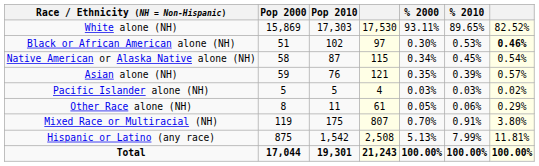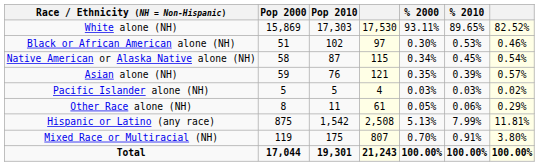 <table class="wikitable" style="text-align:center;">
 <tr>
 <th>Race / Ethnicity <small>(<em>NH = Non-Hispanic</em>)</small></th>
 <th>Pop 2000</th>
 <th>Pop 2010</th>
 <th></th>
 <th>% 2000</th>
 <th>% 2010</th>
 <th></th>
 </tr>
 <tr>
 <td><a href='#'>White</a> alone (NH)</td>
 <td>15,869</td>
 <td>17,303</td>
 <td style='background: #ffffe6;'>17,530</td>
 <td>93.11%</td>
 <td>89.65%</td>
 <td style='background: #ffffe6;'>82.52%</td>
 </tr>
 <tr>
 <td><a href='#'>Black or African American</a> alone (NH)</td>
 <td>51</td>
 <td>102</td>
 <td style='background: #ffffe6;'>97</td>
 <td>0.30%</td>
 <td>0.53%</td>
-<td style='background: #ffffe6;'><strong>0.46%</strong></td>
+<td style='background: #ffffe6;'>0.46%</td>
 </tr>
 <tr>
 <td><a href='#'>Native American</a> or <a href='#'>Alaska Native</a> alone (NH)</td>
 <td>58</td>
 <td>87</td>
 <td style='background: #ffffe6;'>115</td>
 <td>0.34%</td>
 <td>0.45%</td>
 <td style='background: #ffffe6;'>0.54%</td>
 </tr>
 <tr>
 <td><a href='#'>Asian</a> alone (NH)</td>
 <td>59</td>
 <td>76</td>
 <td style='background: #ffffe6;'>121</td>
 <td>0.35%</td>
 <td>0.39%</td>
 <td style='background: #ffffe6;'>0.57%</td>
 </tr>
 <tr>
 <td><a href='#'>Pacific Islander</a> alone (NH)</td>
 <td>5</td>
 <td>5</td>
 <td style='background: #ffffe6;'>4</td>
 <td>0.03%</td>
 <td>0.03%</td>
 <td style='background: #ffffe6;'>0.02%</td>
 </tr>
 <tr>
 <td><a href='#'>Other Race</a> alone (NH)</td>
 <td>8</td>
 <td>11</td>
 <td style='background: #ffffe6;'>61</td>
 <td>0.05%</td>
 <td>0.06%</td>
 <td style='background: #ffffe6;'>0.29%</td>
 </tr>
 <tr>
+<td><a href='#'>Hispanic or Latino</a> (any race)</td>
+<td>875</td>
+<td>1,542</td>
+<td style='background: #ffffe6;'>2,508</td>
+<td>5.13%</td>
+<td>7.99%</td>
+<td style='background: #ffffe6;'>11.81%</td>
+</tr>
+<tr>
 <td><a href='#'>Mixed Race or Multiracial</a> (NH)</td>
 <td>119</td>
 <td>175</td>
 <td style='background: #ffffe6;'>807</td>
 <td>0.70%</td>
 <td>0.91%</td>
 <td style='background: #ffffe6;'>3.80%</td>
-</tr>
-<tr>
-<td><a href='#'>Hispanic or Latino</a> (any race)</td>
-<td>875</td>
-<td>1,542</td>
-<td style='background: #ffffe6;'>2,508</td>
-<td>5.13%</td>
-<td>7.99%</td>
-<td style='background: #ffffe6;'>11.81%</td>
 </tr>
 <tr>
 <td><strong>Total</strong></td>
 <td><strong>17,044</strong></td>
 <td><strong>19,301</strong></td>
 <td style='background: #ffffe6;'><strong>21,243</strong></td>
 <td><strong>100.00%</strong></td>
 <td><strong>100.00%</strong></td>
 <td style='background: #ffffe6;'><strong>100.00%</strong></td>
 </tr>
 </table>
